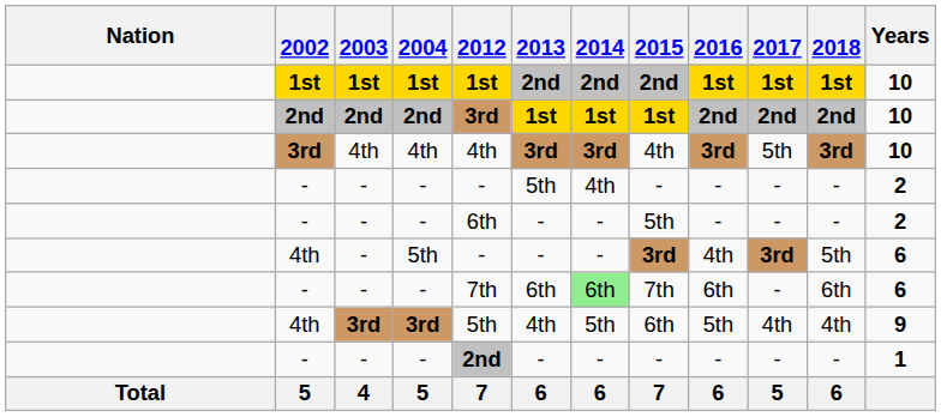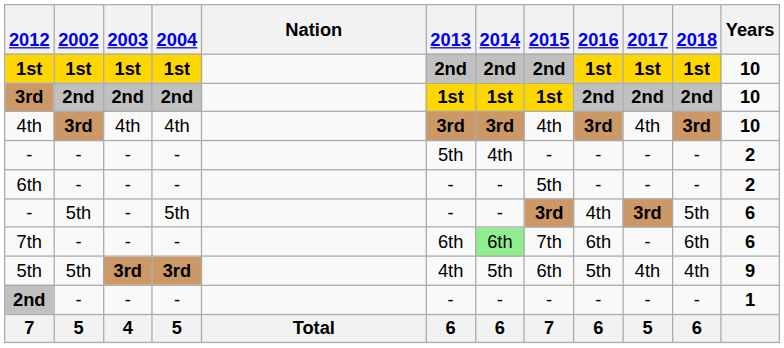 <table class="wikitable" style="text-align:center; font-size:90%">
 <tr>
-<th width=170>Nation</th>
+<th><br><a href='#'>2012</a></th>
 <th><br><a href='#'>2002</a></th>
 <th><br><a href='#'>2003</a></th>
 <th><br><a href='#'>2004</a></th>
-<th><br><a href='#'>2012</a></th>
+<th width=170>Nation</th>
 <th><br><a href='#'>2013</a></th>
 <th><br><a href='#'>2014</a></th>
 <th><br><a href='#'>2015</a></th>
 <th><br><a href='#'>2016</a></th>
 <th><br><a href='#'>2017</a></th>
 <th><br><a href='#'>2018</a></th>
 <th>Years</th>
 </tr>
 <tr>
-<td align=left></td>
 <td bgcolor=gold><strong>1st</strong></td>
 <td bgcolor=gold><strong>1st</strong></td>
 <td bgcolor=gold><strong>1st</strong></td>
 <td bgcolor=gold><strong>1st</strong></td>
+<td align=left></td>
 <td bgcolor=silver><strong>2nd</strong></td>
 <td bgcolor=silver><strong>2nd</strong></td>
 <td bgcolor=silver><strong>2nd</strong></td>
 <td bgcolor=gold><strong>1st</strong></td>
 <td bgcolor=gold><strong>1st</strong></td>
 <td bgcolor=gold><strong>1st</strong></td>
 <td><strong>10</strong></td>
 </tr>
 <tr>
-<td align=left></td>
+<td bgcolor=#cc9966><strong>3rd</strong></td>
 <td bgcolor=silver><strong>2nd</strong></td>
 <td bgcolor=silver><strong>2nd</strong></td>
 <td bgcolor=silver><strong>2nd</strong></td>
-<td bgcolor=#cc9966><strong>3rd</strong></td>
+<td align=left></td>
 <td bgcolor=gold><strong>1st</strong></td>
 <td bgcolor=gold><strong>1st</strong></td>
 <td bgcolor=gold><strong>1st</strong></td>
 <td bgcolor=silver><strong>2nd</strong></td>
 <td bgcolor=silver><strong>2nd</strong></td>
 <td bgcolor=silver><strong>2nd</strong></td>
 <td><strong>10</strong></td>
 </tr>
 <tr>
-<td align=left></td>
+<td>4th</td>
 <td bgcolor=#cc9966><strong>3rd</strong></td>
 <td>4th</td>
 <td>4th</td>
-<td>4th</td>
+<td align=left></td>
 <td bgcolor=#cc9966><strong>3rd</strong></td>
 <td bgcolor=#cc9966><strong>3rd</strong></td>
 <td>4th</td>
 <td bgcolor=#cc9966><strong>3rd</strong></td>
-<td>5th</td>
+<td>4th</td>
 <td bgcolor=#cc9966><strong>3rd</strong></td>
 <td><strong>10</strong></td>
 </tr>
 <tr>
-<td align=left></td>
 <td>-</td>
 <td>-</td>
 <td>-</td>
 <td>-</td>
+<td align=left></td>
 <td>5th</td>
 <td>4th</td>
 <td>-</td>
 <td>-</td>
 <td>-</td>
 <td>-</td>
 <td><strong>2</strong></td>
 </tr>
 <tr>
-<td align=left></td>
+<td>6th</td>
 <td>-</td>
 <td>-</td>
 <td>-</td>
-<td>6th</td>
+<td align=left></td>
 <td>-</td>
 <td>-</td>
 <td>5th</td>
 <td>-</td>
 <td>-</td>
 <td>-</td>
 <td><strong>2</strong></td>
 </tr>
 <tr>
-<td align=left></td>
-<td>4th</td>
 <td>-</td>
 <td>5th</td>
 <td>-</td>
+<td>5th</td>
+<td align=left></td>
 <td>-</td>
 <td>-</td>
 <td bgcolor=#cc9966><strong>3rd</strong></td>
 <td>4th</td>
 <td bgcolor=#cc9966><strong>3rd</strong></td>
 <td>5th</td>
 <td><strong>6</strong></td>
 </tr>
 <tr>
-<td align=left></td>
+<td>7th</td>
 <td>-</td>
 <td>-</td>
 <td>-</td>
-<td>7th</td>
+<td align=left></td>
 <td>6th</td>
 <td style="background: lightgreen;">6th</td>
 <td>7th</td>
 <td>6th</td>
 <td>-</td>
 <td>6th</td>
 <td><strong>6</strong></td>
 </tr>
 <tr>
-<td align=left></td>
-<td>4th</td>
+<td>5th</td>
+<td>5th</td>
 <td bgcolor=#cc9966><strong>3rd</strong></td>
 <td bgcolor=#cc9966><strong>3rd</strong></td>
-<td>5th</td>
+<td align=left></td>
 <td>4th</td>
 <td>5th</td>
 <td>6th</td>
 <td>5th</td>
 <td>4th</td>
 <td>4th</td>
 <td><strong>9</strong></td>
 </tr>
 <tr>
-<td align=left></td>
+<td bgcolor=silver><strong>2nd</strong></td>
 <td>-</td>
 <td>-</td>
 <td>-</td>
-<td bgcolor=silver><strong>2nd</strong></td>
+<td align=left></td>
 <td>-</td>
 <td>-</td>
 <td>-</td>
 <td>-</td>
 <td>-</td>
 <td>-</td>
 <td><strong>1</strong></td>
 </tr>
 <tr>
-<th>Total</th>
+<th>7</th>
 <th>5</th>
 <th>4</th>
 <th>5</th>
-<th>7</th>
+<th>Total</th>
 <th>6</th>
 <th>6</th>
 <th>7</th>
 <th>6</th>
 <th>5</th>
 <th>6</th>
 <th></th>
 </tr>
 </table>
